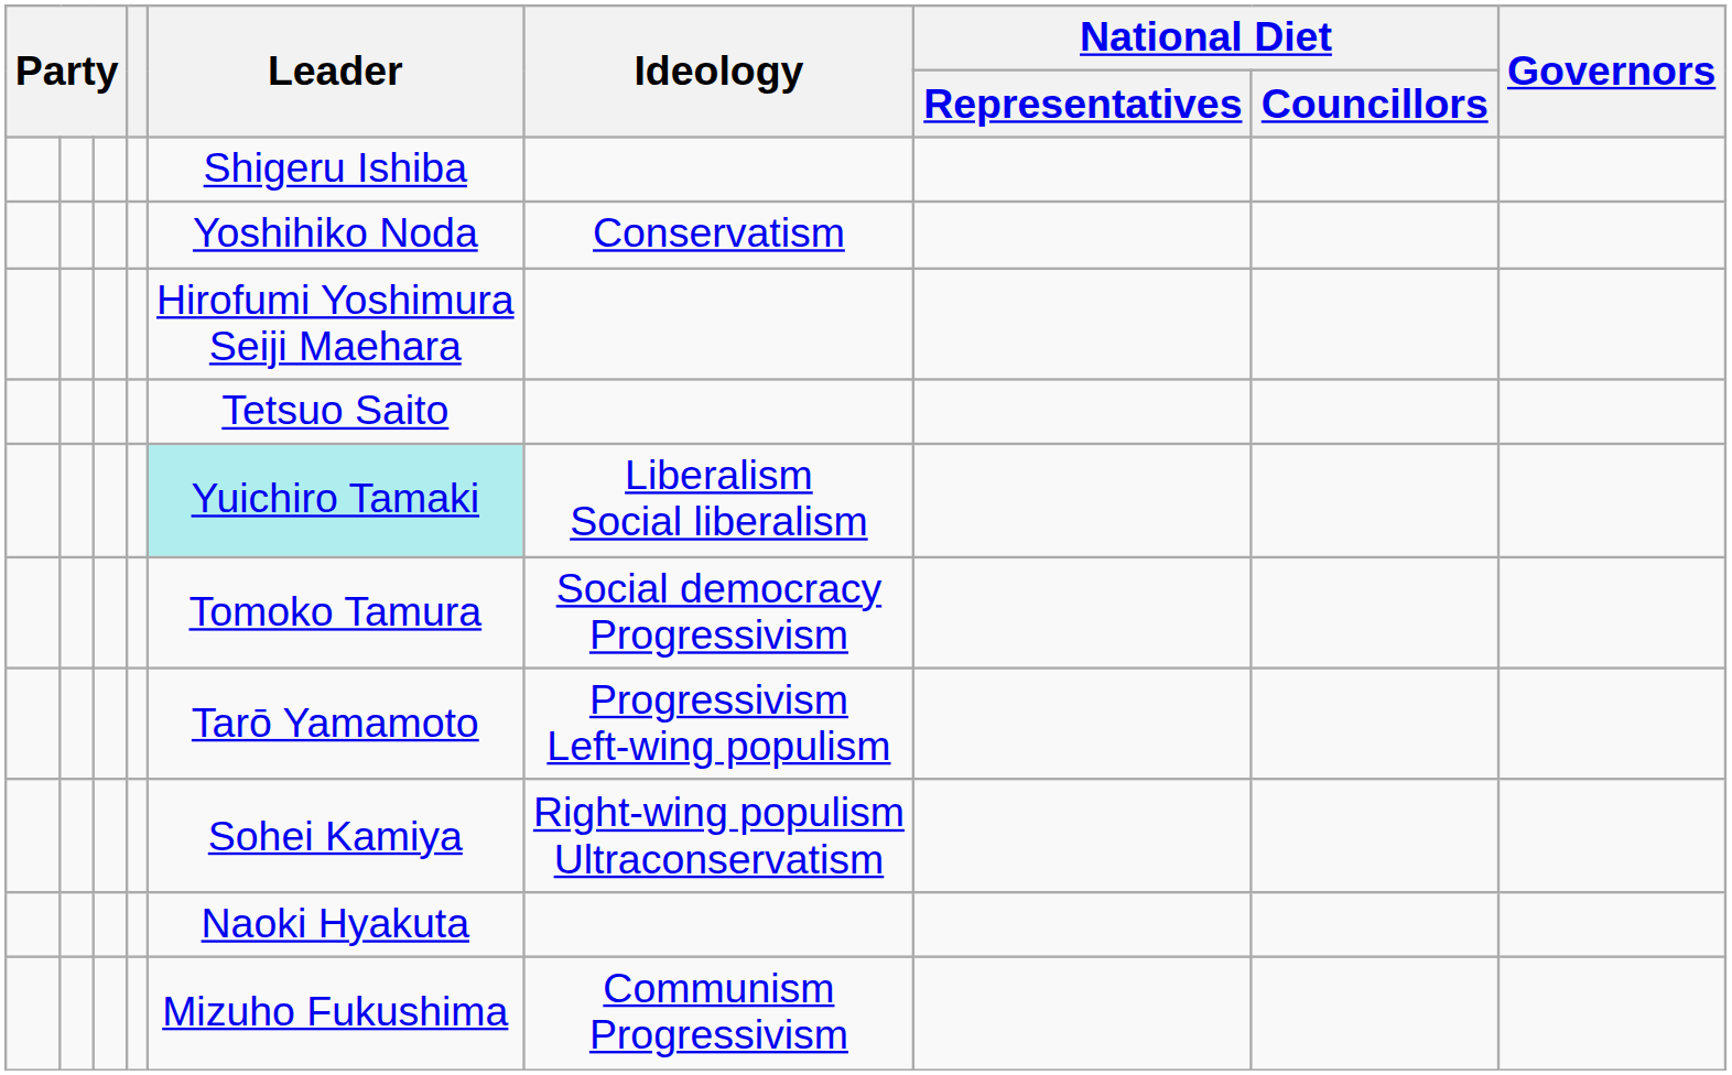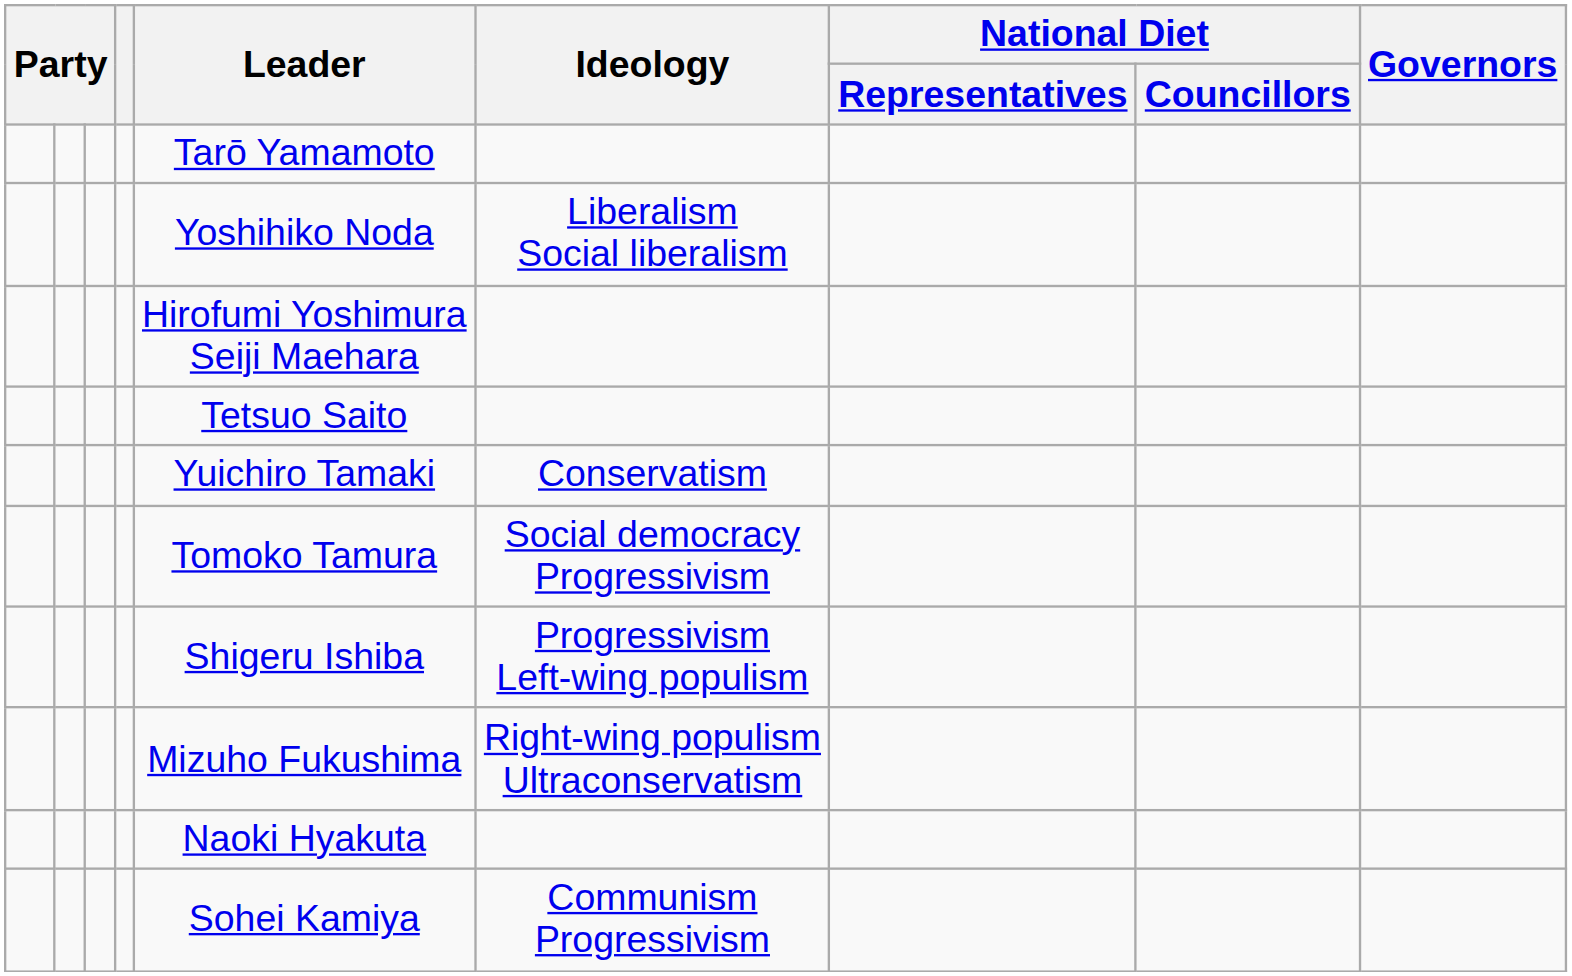 <table class="wikitable" style="text-align:center">
 <tr>
 <th rowspan=2 colspan="3">Party</th>
 <th rowspan="2"></th>
 <th rowspan="2">Leader</th>
 <th rowspan="2">Ideology</th>
 <th colspan="2"><a href='#'>National Diet</a></th>
 <th rowspan="2"><a href='#'>Governors</a></th>
 </tr>
 <tr>
 <th><a href='#'>Representatives</a></th>
 <th><a href='#'>Councillors</a></th>
 </tr>
 <tr>
 <td style=background:> </td>
 <td></td>
 <td></td>
 <td></td>
-<td><a href='#'>Shigeru Ishiba</a></td>
+<td><a href='#'>Tarō Yamamoto</a></td>
 <td></td>
 <td></td>
 <td></td>
 <td></td>
 </tr>
 <tr>
 <td style=background:> </td>
 <td></td>
 <td></td>
 <td></td>
 <td><a href='#'>Yoshihiko Noda</a></td>
-<td><a href='#'>Conservatism</a></td>
+<td><a href='#'>Liberalism</a> <br> <a href='#'>Social liberalism</a></td>
 <td></td>
 <td></td>
 <td></td>
 </tr>
 <tr>
 <td style=background:> </td>
 <td></td>
 <td></td>
 <td></td>
 <td><a href='#'>Hirofumi Yoshimura</a><br><a href='#'>Seiji Maehara</a></td>
 <td></td>
 <td></td>
 <td></td>
 <td></td>
 </tr>
 <tr>
 <td style=background:> </td>
 <td></td>
 <td></td>
 <td></td>
 <td><a href='#'>Tetsuo Saito</a></td>
 <td></td>
 <td></td>
 <td></td>
 <td></td>
 </tr>
 <tr>
 <td style=background:> </td>
 <td></td>
 <td></td>
 <td></td>
-<td style="background: paleturquoise;"><a href='#'>Yuichiro Tamaki</a></td>
-<td><a href='#'>Liberalism</a> <br> <a href='#'>Social liberalism</a></td>
+<td><a href='#'>Yuichiro Tamaki</a></td>
+<td><a href='#'>Conservatism</a></td>
 <td></td>
 <td></td>
 <td></td>
 </tr>
 <tr>
 <td style=background:> </td>
 <td></td>
 <td></td>
 <td></td>
 <td><a href='#'>Tomoko Tamura</a></td>
 <td><a href='#'>Social democracy</a> <br> <a href='#'>Progressivism</a></td>
 <td></td>
 <td></td>
 <td></td>
 </tr>
 <tr>
 <td style=background:> </td>
 <td></td>
 <td></td>
 <td></td>
-<td><a href='#'>Tarō Yamamoto</a></td>
+<td><a href='#'>Shigeru Ishiba</a></td>
 <td><a href='#'>Progressivism</a> <br> <a href='#'>Left-wing populism</a></td>
 <td></td>
 <td></td>
 <td></td>
 </tr>
 <tr>
 <td style=background:> </td>
 <td></td>
 <td></td>
 <td></td>
-<td><a href='#'>Sohei Kamiya</a></td>
+<td><a href='#'>Mizuho Fukushima</a></td>
 <td><a href='#'>Right-wing populism</a> <br> <a href='#'>Ultraconservatism</a></td>
 <td></td>
 <td></td>
 <td></td>
 </tr>
 <tr>
 <td style=background:> </td>
 <td></td>
 <td></td>
 <td></td>
 <td><a href='#'>Naoki Hyakuta</a></td>
 <td></td>
 <td></td>
 <td></td>
 <td></td>
 </tr>
 <tr>
 <td style=background:> </td>
 <td></td>
 <td></td>
 <td></td>
-<td><a href='#'>Mizuho Fukushima</a></td>
+<td><a href='#'>Sohei Kamiya</a></td>
 <td><a href='#'>Communism</a><br><a href='#'>Progressivism</a></td>
 <td></td>
 <td></td>
 <td></td>
 </tr>
 </table>
